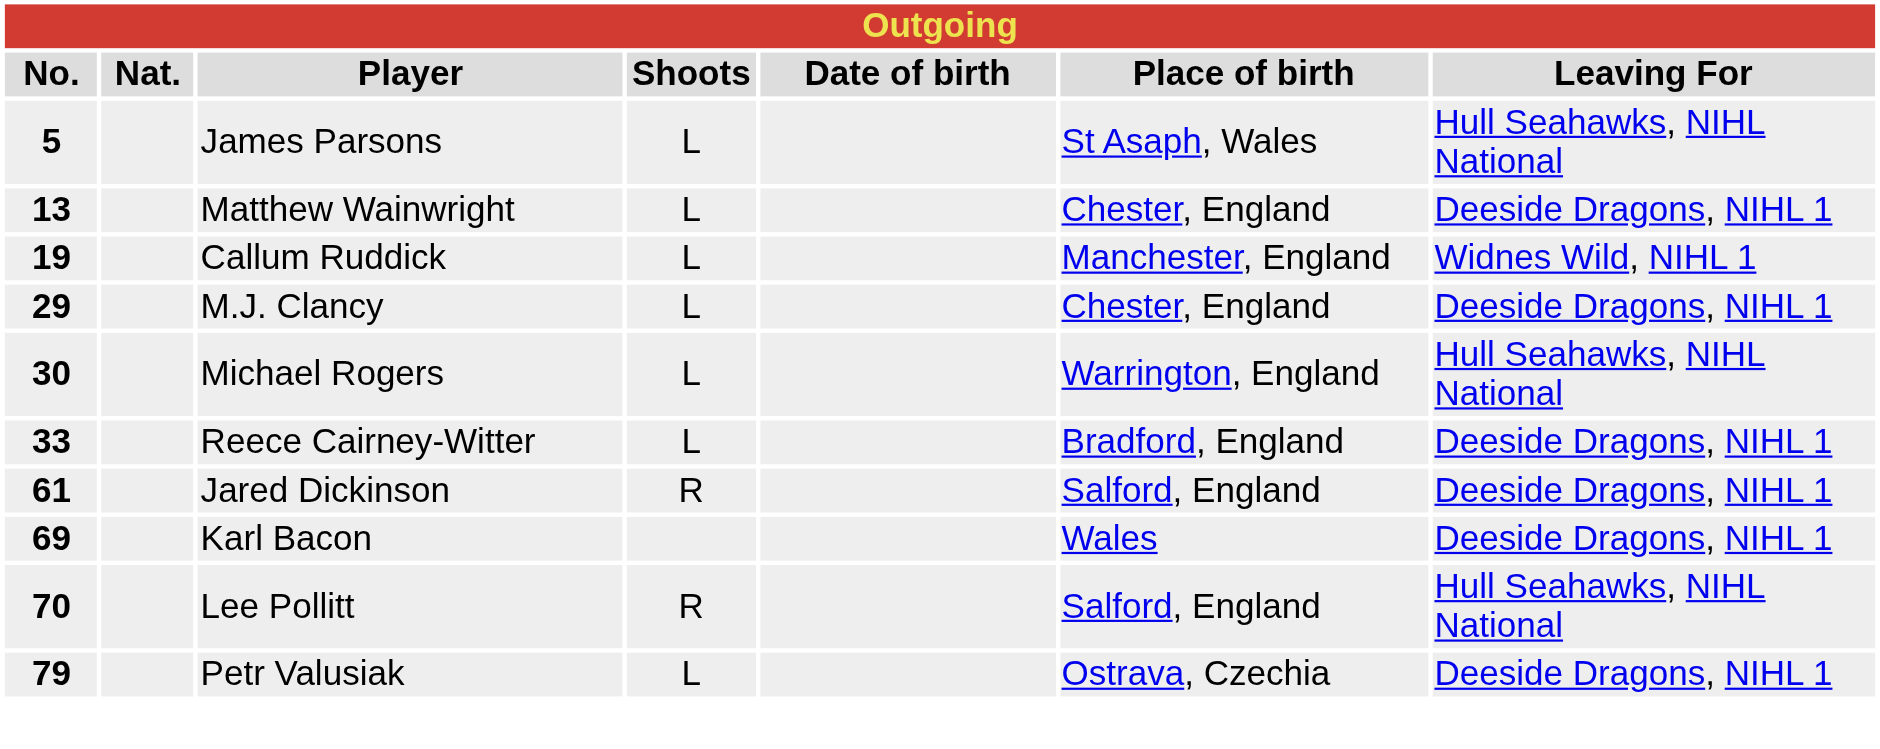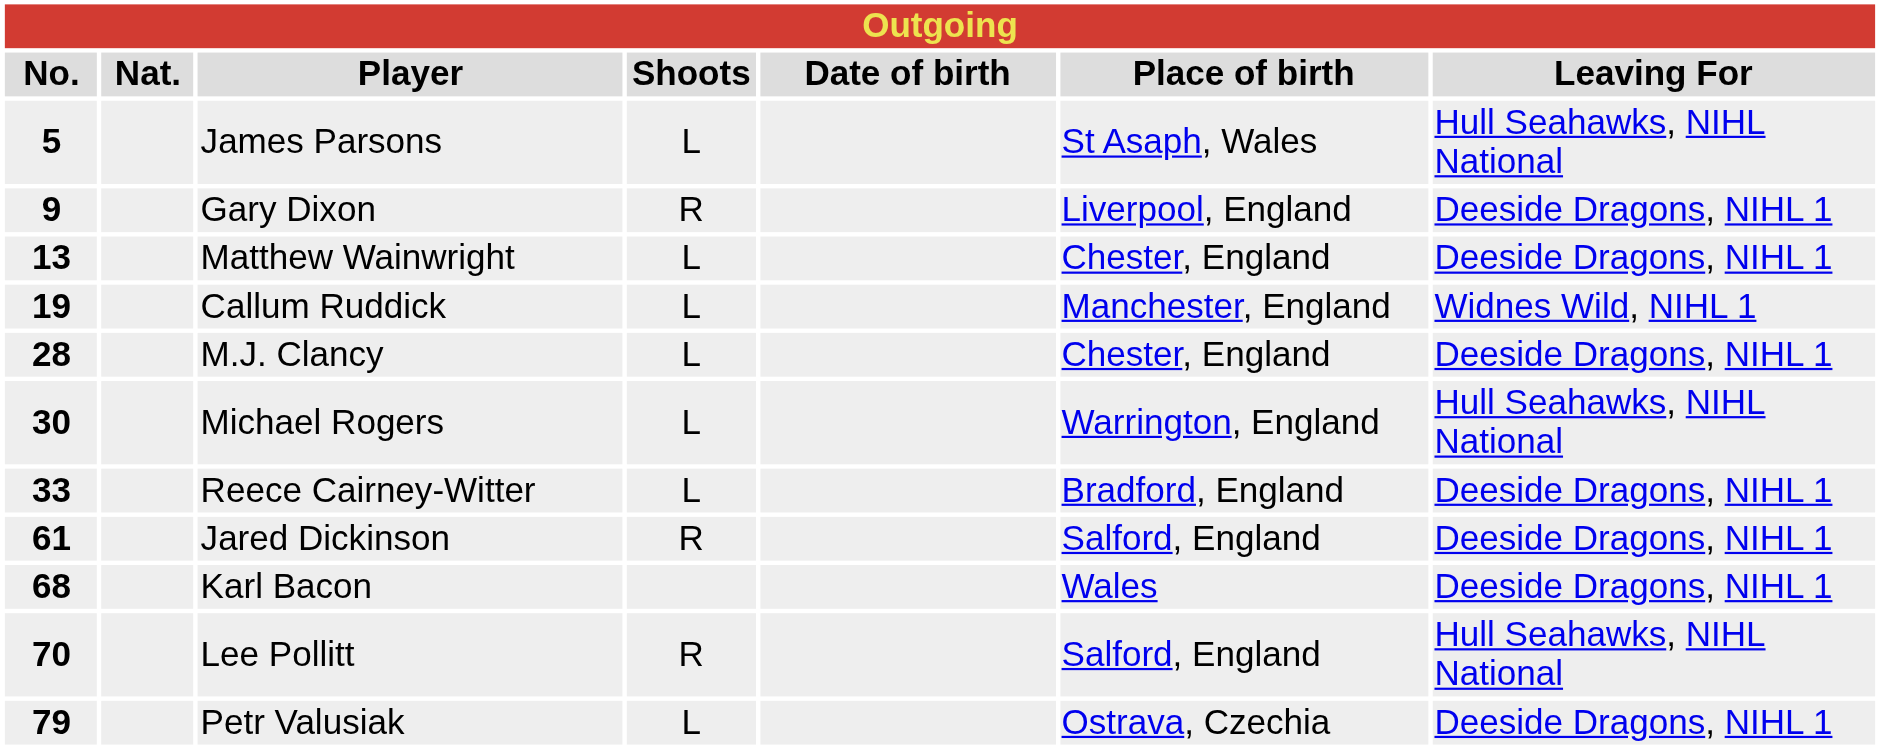 <table class="toccolours" style="width:97%; clear:both; margin:1.5em auto; text-align:center;">
 <tr>
 <th colspan="7" style="background:#d23b32; color:#ede34f;”">Outgoing</th>
 </tr>
 <tr style="background:#ddd;">
 <th width="5%">No.</th>
 <th width="5%">Nat.</th>
 <th>Player</th>
 <th width="7%">Shoots</th>
 <th width="16%">Date of birth</th>
 <th width="20%">Place of birth</th>
 <th width="24%">Leaving For</th>
 </tr>
 <tr style="background:#eee;">
 <td><strong>5</strong></td>
 <td></td>
 <td align=left>James Parsons</td>
 <td>L</td>
 <td align=left></td>
 <td align=left><a href='#'>St Asaph</a>, Wales</td>
 <td align=left><a href='#'>Hull Seahawks</a>, <a href='#'>NIHL National</a></td>
 </tr>
 <tr style="background:#eee;">
+<td><strong>9</strong></td>
+<td></td>
+<td align=left>Gary Dixon</td>
+<td>R</td>
+<td align=left></td>
+<td align=left><a href='#'>Liverpool</a>, England</td>
+<td align=left><a href='#'>Deeside Dragons</a>, <a href='#'>NIHL 1</a></td>
+</tr>
+<tr style="background:#eee;">
 <td><strong>13</strong></td>
 <td></td>
 <td align=left>Matthew Wainwright</td>
 <td>L</td>
 <td align=left></td>
 <td align=left><a href='#'>Chester</a>, England</td>
 <td align=left><a href='#'>Deeside Dragons</a>, <a href='#'>NIHL 1</a></td>
 </tr>
 <tr style="background:#eee;">
 <td><strong>19</strong></td>
 <td></td>
 <td align=left>Callum Ruddick</td>
 <td>L</td>
 <td align=left></td>
 <td align=left><a href='#'>Manchester</a>, England</td>
 <td align=left><a href='#'>Widnes Wild</a>, <a href='#'>NIHL 1</a></td>
 </tr>
 <tr style="background:#eee;">
-<td><strong>29</strong></td>
+<td><strong>28</strong></td>
 <td></td>
 <td align=left>M.J. Clancy</td>
 <td>L</td>
 <td align=left></td>
 <td align=left><a href='#'>Chester</a>, England</td>
 <td align=left><a href='#'>Deeside Dragons</a>, <a href='#'>NIHL 1</a></td>
 </tr>
 <tr style="background:#eee;">
 <td><strong>30</strong></td>
 <td></td>
 <td align=left>Michael Rogers</td>
 <td>L</td>
 <td align=left></td>
 <td align=left><a href='#'>Warrington</a>, England</td>
 <td align=left><a href='#'>Hull Seahawks</a>, <a href='#'>NIHL National</a></td>
 </tr>
 <tr style="background:#eee;">
 <td><strong>33</strong></td>
 <td></td>
 <td align=left>Reece Cairney-Witter</td>
 <td>L</td>
 <td align=left></td>
 <td align=left><a href='#'>Bradford</a>, England</td>
 <td align=left><a href='#'>Deeside Dragons</a>, <a href='#'>NIHL 1</a></td>
 </tr>
 <tr style="background:#eee;">
 <td><strong>61</strong></td>
 <td></td>
 <td align=left>Jared Dickinson</td>
 <td>R</td>
 <td align=left></td>
 <td align=left><a href='#'>Salford</a>, England</td>
 <td align=left><a href='#'>Deeside Dragons</a>, <a href='#'>NIHL 1</a></td>
 </tr>
 <tr style="background:#eee;">
-<td><strong>69</strong></td>
+<td><strong>68</strong></td>
 <td></td>
 <td align=left>Karl Bacon</td>
 <td></td>
 <td align=left></td>
 <td align=left><a href='#'>Wales</a></td>
 <td align=left><a href='#'>Deeside Dragons</a>, <a href='#'>NIHL 1</a></td>
 </tr>
 <tr style="background:#eee;">
 <td><strong>70</strong></td>
 <td></td>
 <td align=left>Lee Pollitt</td>
 <td>R</td>
 <td align=left></td>
 <td align=left><a href='#'>Salford</a>, England</td>
 <td align=left><a href='#'>Hull Seahawks</a>, <a href='#'>NIHL National</a></td>
 </tr>
 <tr style="background:#eee;">
 <td><strong>79</strong></td>
 <td></td>
 <td align=left>Petr Valusiak</td>
 <td>L</td>
 <td align=left></td>
 <td align=left><a href='#'>Ostrava</a>, Czechia</td>
 <td align=left><a href='#'>Deeside Dragons</a>, <a href='#'>NIHL 1</a></td>
 </tr>
 </table>
